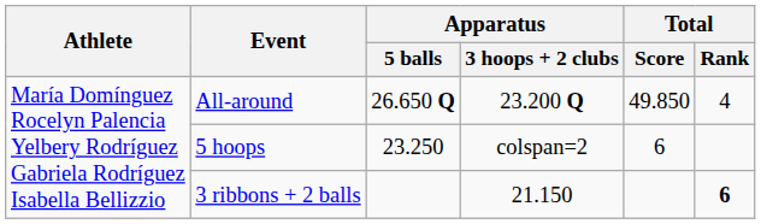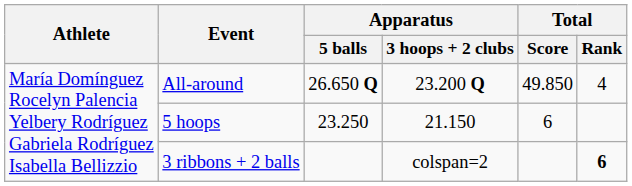 <table class=wikitable style=font-size:90%;text-align:center>
 <tr>
 <th rowspan=2>Athlete</th>
 <th rowspan=2>Event</th>
 <th colspan=2>Apparatus</th>
 <th colspan=2>Total</th>
 </tr>
 <tr style=font-size:95%>
 <th>5 balls</th>
 <th>3 hoops + 2 clubs</th>
 <th>Score</th>
 <th>Rank</th>
 </tr>
 <tr>
 <td align=left rowspan=3><a href='#'>María Domínguez</a><br><a href='#'>Rocelyn Palencia</a><br><a href='#'>Yelbery Rodríguez</a><br><a href='#'>Gabriela Rodríguez</a><br><a href='#'>Isabella Bellizzio</a></td>
 <td align=left><a href='#'>All-around</a></td>
 <td>26.650 <strong>Q</strong></td>
 <td>23.200 <strong>Q</strong></td>
 <td>49.850</td>
 <td>4</td>
 </tr>
 <tr>
 <td align=left><a href='#'>5 hoops</a></td>
 <td>23.250</td>
-<td>colspan=2 </td>
+<td>21.150</td>
 <td>6</td>
 </tr>
 <tr>
 <td align=left><a href='#'>3 ribbons + 2 balls</a></td>
 <td></td>
-<td>21.150</td>
+<td>colspan=2 </td>
 <td></td>
 <td><strong>6</strong></td>
 </tr>
 </table>
